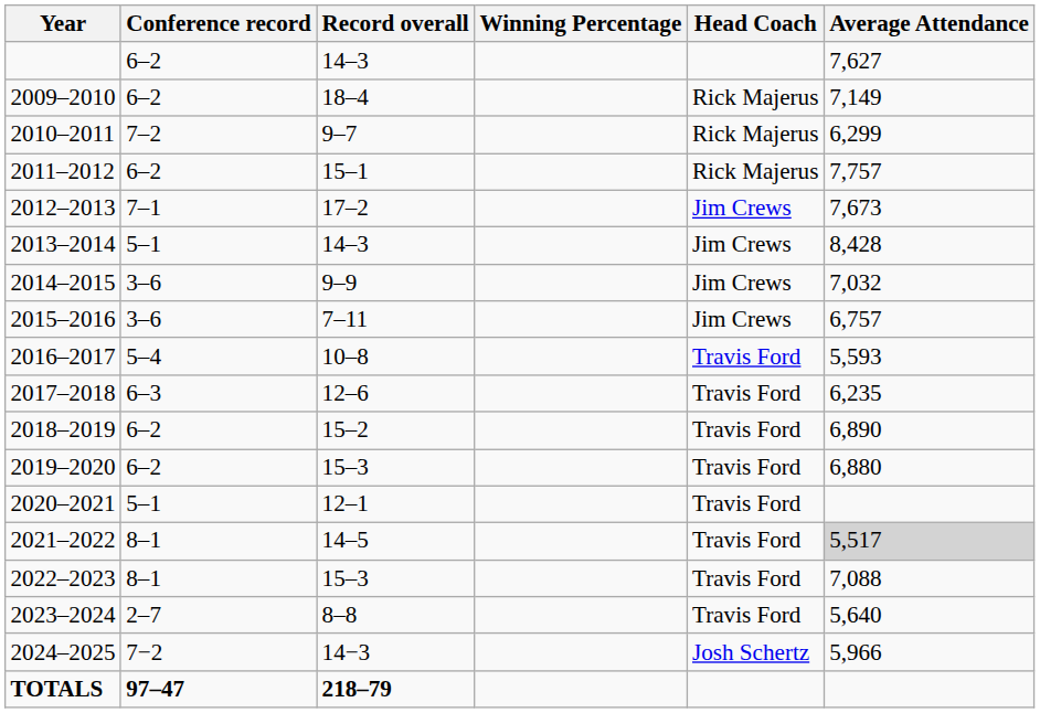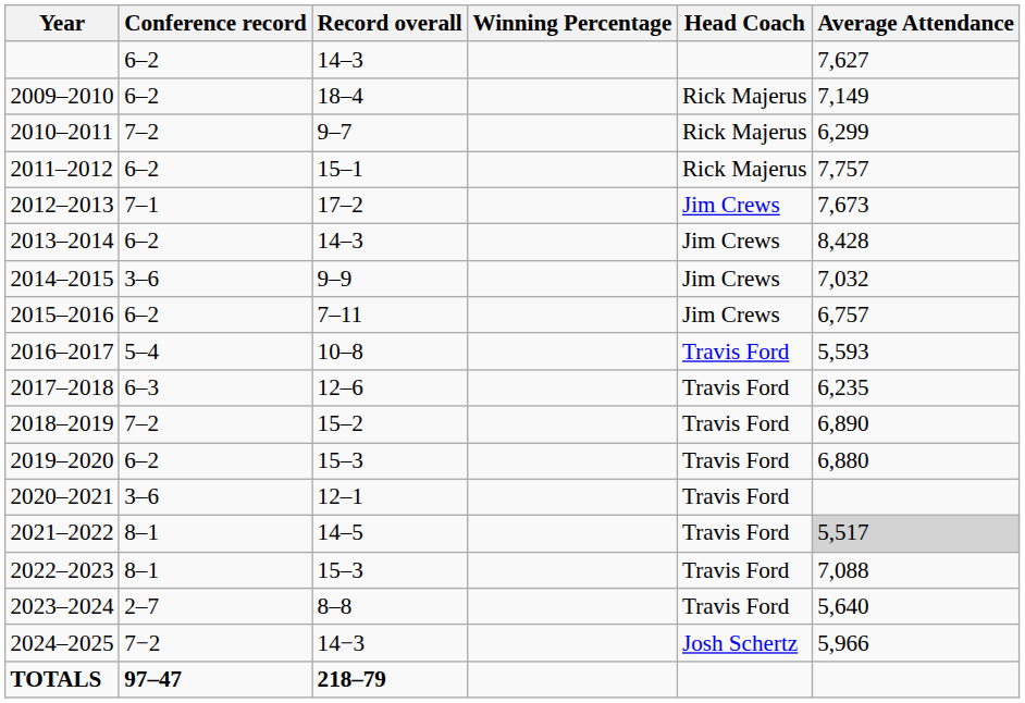 <table class="wikitable">
 <tr>
 <th>Year</th>
 <th>Conference record</th>
 <th>Record overall</th>
 <th>Winning Percentage</th>
 <th>Head Coach</th>
 <th>Average Attendance</th>
 </tr>
 <tr>
 <td></td>
 <td>6–2</td>
 <td>14–3</td>
 <td></td>
 <td></td>
 <td>7,627</td>
 </tr>
 <tr>
 <td>2009–2010</td>
 <td>6–2</td>
 <td>18–4</td>
 <td></td>
 <td>Rick Majerus</td>
 <td>7,149</td>
 </tr>
 <tr>
 <td>2010–2011</td>
 <td>7–2</td>
 <td>9–7</td>
 <td></td>
 <td>Rick Majerus</td>
 <td>6,299</td>
 </tr>
 <tr>
 <td>2011–2012</td>
 <td>6–2</td>
 <td>15–1</td>
 <td></td>
 <td>Rick Majerus</td>
 <td>7,757</td>
 </tr>
 <tr>
 <td>2012–2013</td>
 <td>7–1</td>
 <td>17–2</td>
 <td></td>
 <td><a href='#'>Jim Crews</a></td>
 <td>7,673</td>
 </tr>
 <tr>
 <td>2013–2014</td>
-<td>5–1</td>
+<td>6–2</td>
 <td>14–3</td>
 <td></td>
 <td>Jim Crews</td>
 <td>8,428</td>
 </tr>
 <tr>
 <td>2014–2015</td>
 <td>3–6</td>
 <td>9–9</td>
 <td></td>
 <td>Jim Crews</td>
 <td>7,032</td>
 </tr>
 <tr>
 <td>2015–2016</td>
-<td>3–6</td>
+<td>6–2</td>
 <td>7–11</td>
 <td></td>
 <td>Jim Crews</td>
 <td>6,757</td>
 </tr>
 <tr>
 <td>2016–2017</td>
 <td>5–4</td>
 <td>10–8</td>
 <td></td>
 <td><a href='#'>Travis Ford</a></td>
 <td>5,593</td>
 </tr>
 <tr>
 <td>2017–2018</td>
 <td>6–3</td>
 <td>12–6</td>
 <td></td>
 <td>Travis Ford</td>
 <td>6,235</td>
 </tr>
 <tr>
 <td>2018–2019</td>
-<td>6–2</td>
+<td>7–2</td>
 <td>15–2</td>
 <td></td>
 <td>Travis Ford</td>
 <td>6,890</td>
 </tr>
 <tr>
 <td>2019–2020</td>
 <td>6–2</td>
 <td>15–3</td>
 <td></td>
 <td>Travis Ford</td>
 <td>6,880</td>
 </tr>
 <tr>
 <td>2020–2021</td>
-<td>5–1</td>
+<td>3–6</td>
 <td>12–1</td>
 <td></td>
 <td>Travis Ford</td>
 <td></td>
 </tr>
 <tr>
 <td>2021–2022</td>
 <td>8–1</td>
 <td>14–5</td>
 <td></td>
 <td>Travis Ford</td>
 <td style="background: lightgrey;">5,517</td>
 </tr>
 <tr>
 <td>2022–2023</td>
 <td>8–1</td>
 <td>15–3</td>
 <td></td>
 <td>Travis Ford</td>
 <td>7,088</td>
 </tr>
 <tr>
 <td>2023–2024</td>
 <td>2–7</td>
 <td>8–8</td>
 <td></td>
 <td>Travis Ford</td>
 <td>5,640</td>
 </tr>
 <tr>
 <td>2024–2025</td>
 <td>7−2</td>
 <td>14−3</td>
 <td></td>
 <td><a href='#'>Josh Schertz</a></td>
 <td>5,966</td>
 </tr>
 <tr>
 <td><strong>TOTALS</strong></td>
 <td><strong>97–47</strong></td>
 <td><strong>218–79</strong></td>
 <td><strong></strong></td>
 <td></td>
 </tr>
 </table>
